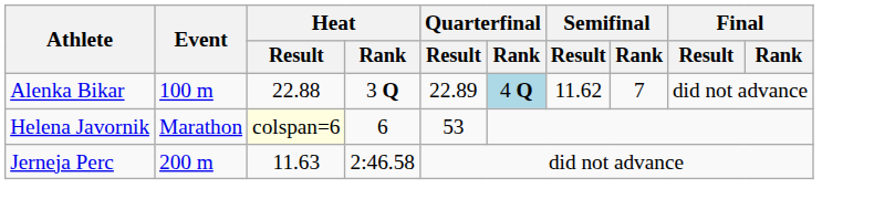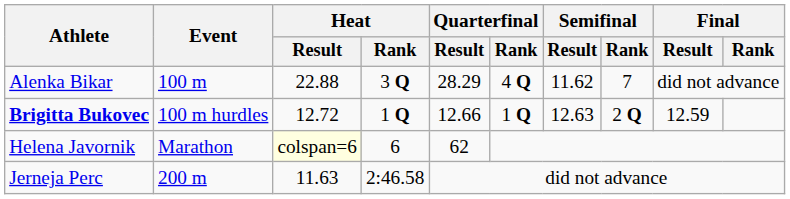 <table class="wikitable" style="font-size:90%">
 <tr>
 <th rowspan="2">Athlete</th>
 <th rowspan="2">Event</th>
 <th colspan="2">Heat</th>
 <th colspan="2">Quarterfinal</th>
 <th colspan="2">Semifinal</th>
 <th colspan="2">Final</th>
 </tr>
 <tr style="font-size:95%">
 <th>Result</th>
 <th>Rank</th>
 <th>Result</th>
 <th>Rank</th>
 <th>Result</th>
 <th>Rank</th>
 <th>Result</th>
 <th>Rank</th>
 </tr>
 <tr align=center>
 <td align=left><a href='#'>Alenka Bikar</a></td>
 <td align=left><a href='#'>100 m</a></td>
 <td>22.88</td>
 <td>3 <strong>Q</strong></td>
-<td>22.89</td>
-<td style="background: lightblue;">4 <strong>Q</strong></td>
+<td>28.29</td>
+<td>4 <strong>Q</strong></td>
 <td>11.62</td>
 <td>7</td>
 <td colspan=2>did not advance</td>
+</tr>
+<tr align=center>
+<td align=left><strong><a href='#'>Brigitta Bukovec</a></strong></td>
+<td align=left><a href='#'>100 m hurdles</a></td>
+<td>12.72</td>
+<td>1 <strong>Q</strong></td>
+<td>12.66</td>
+<td>1 <strong>Q</strong></td>
+<td>12.63</td>
+<td>2 <strong>Q</strong></td>
+<td>12.59</td>
+<td></td>
 </tr>
 <tr align=center>
 <td align=left><a href='#'>Helena Javornik</a></td>
 <td align=left><a href='#'>Marathon</a></td>
 <td style="background: lightyellow;">colspan=6 </td>
 <td>6</td>
-<td>53</td>
+<td>62</td>
 </tr>
 <tr align=center>
 <td align=left><a href='#'>Jerneja Perc</a></td>
 <td align=left><a href='#'>200 m</a></td>
 <td>11.63</td>
 <td>2:46.58</td>
 <td colspan=6>did not advance</td>
 </tr>
 </table>
